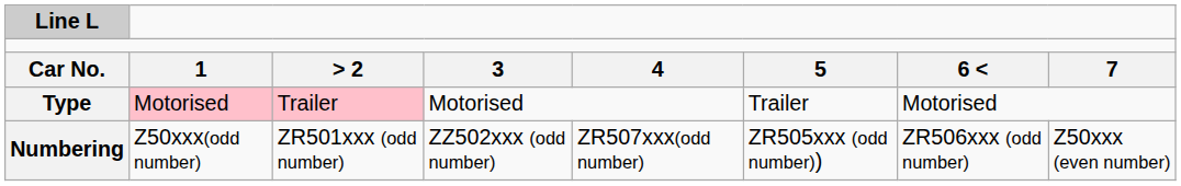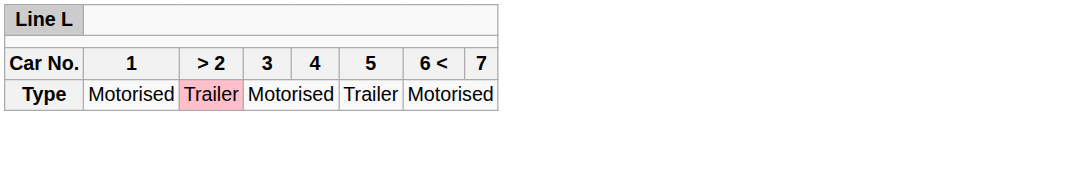 <table class="wikitable">
 <tr>
 <th style="background-color:#ccc;">Line L</th>
 <td colspan="7"></td>
 </tr>
 <tr style="line-height: 9px; background-color:#">
 <td colspan="8" style="padding:0; border:0;"> </td>
 </tr>
 <tr>
 <th>Car No.</th>
 <th>1</th>
 <th>> 2</th>
 <th>3</th>
 <th>4</th>
 <th>5</th>
 <th>6 <</th>
 <th>7</th>
 </tr>
 <tr>
 <th>Type</th>
-<td style="background: pink;">Motorised</td>
+<td>Motorised</td>
 <td style="background: pink;">Trailer</td>
 <td colspan="2">Motorised</td>
 <td>Trailer</td>
 <td colspan="2">Motorised</td>
 </tr>
-<tr>
-<th>Numbering</th>
-<td>Z50xxx<small>(odd number)</small></td>
-<td>ZR501xxx <small>(odd number)</small></td>
-<td>ZZ502xxx <small>(odd number)</small></td>
-<td>ZR507xxx<small>(odd number)</small></td>
-<td>ZR505xxx <small>(odd number)</small>)</td>
-<td>ZR506xxx <small>(odd number)</small></td>
-<td>Z50xxx <small>(even number)</small></td>
-</tr>
 </table>
